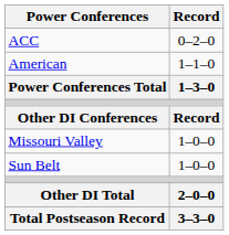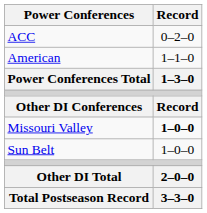 <table class="wikitable">
 <tr>
 <th>Power Conferences</th>
 <th>Record</th>
 </tr>
 <tr>
 <td><a href='#'>ACC</a></td>
 <td align=center>0–2–0</td>
 </tr>
 <tr>
 <td><a href='#'>American</a></td>
 <td align=center>1–1–0</td>
 </tr>
 <tr>
 <th>Power Conferences Total</th>
 <th>1–3–0</th>
 </tr>
 <tr>
 <th colspan="2" style="background:lightgrey;"></th>
 </tr>
 <tr>
 <th>Other DI Conferences</th>
 <th>Record</th>
 </tr>
 <tr>
 <td><a href='#'>Missouri Valley</a></td>
-<td align=center>1–0–0</td>
+<td align=center><strong>1–0–0</strong></td>
 </tr>
 <tr>
 <td><a href='#'>Sun Belt</a></td>
 <td align=center>1–0–0</td>
 </tr>
 <tr>
 <th colspan="2" style="background:lightgrey;"></th>
 </tr>
 <tr>
 <th>Other DI Total</th>
 <th>2–0–0</th>
 </tr>
 <tr>
 <th>Total Postseason Record</th>
 <th>3–3–0</th>
 </tr>
 </table>
